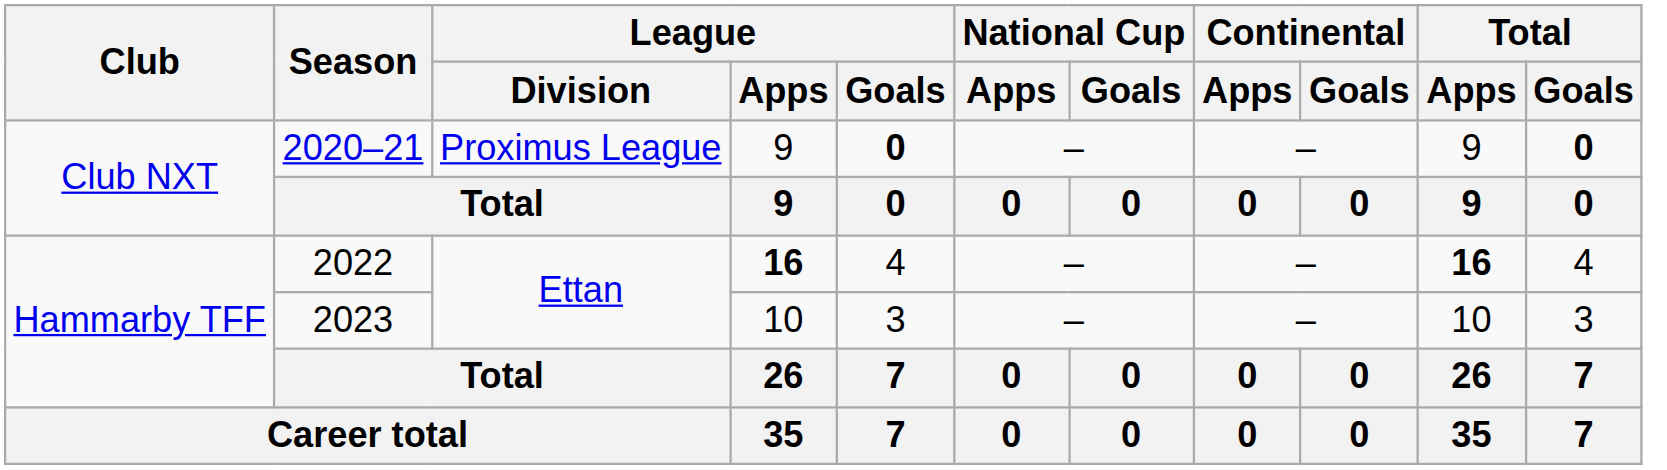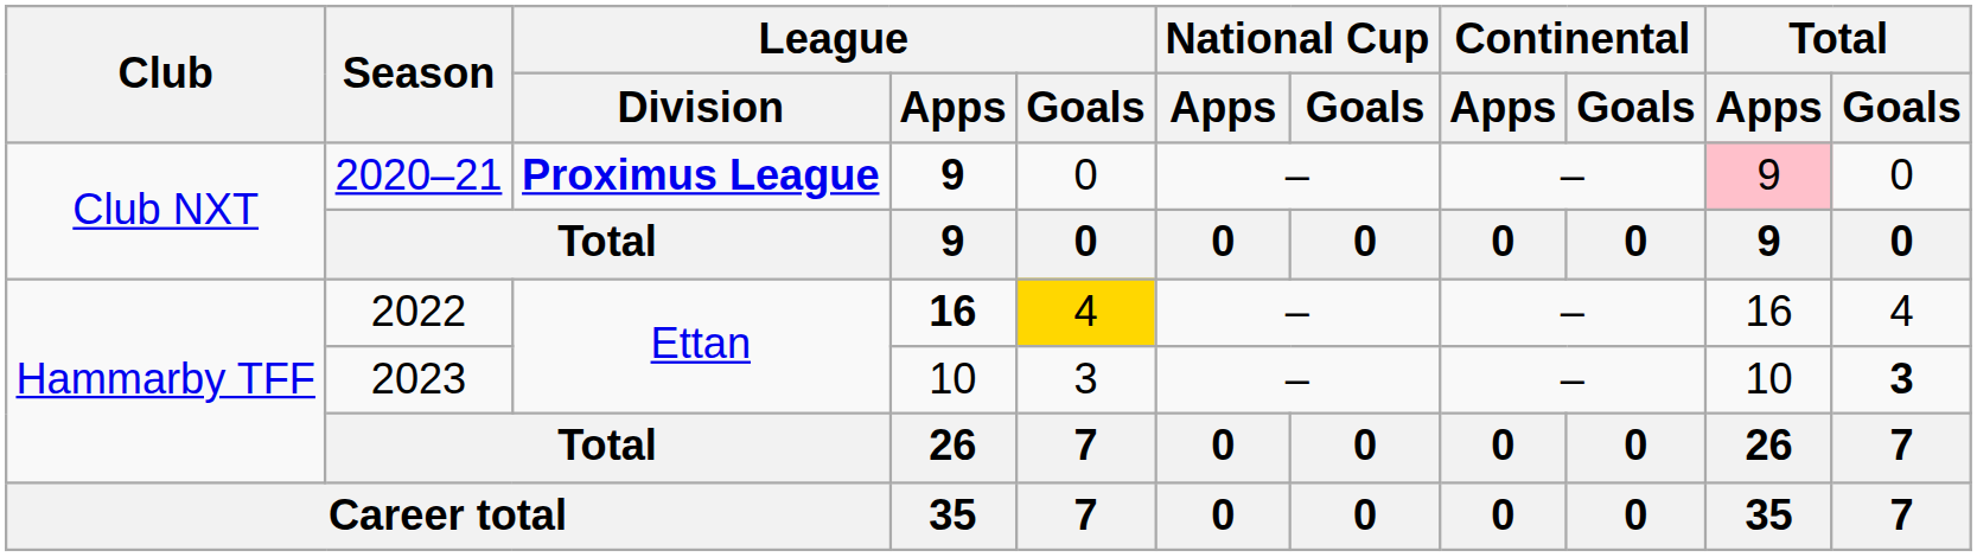 <table class="wikitable" style="text-align:center;">
 <tr>
 <th rowspan="2">Club</th>
 <th rowspan="2">Season</th>
 <th colspan="3">League</th>
 <th colspan="2">National Cup</th>
 <th colspan="2">Continental</th>
 <th colspan="2">Total</th>
 </tr>
 <tr>
 <th>Division</th>
 <th>Apps</th>
 <th>Goals</th>
 <th>Apps</th>
 <th>Goals</th>
 <th>Apps</th>
 <th>Goals</th>
 <th>Apps</th>
 <th>Goals</th>
 </tr>
 <tr>
 <td rowspan="2"><a href='#'>Club NXT</a></td>
 <td><a href='#'>2020–21</a></td>
-<td><a href='#'>Proximus League</a></td>
-<td>9</td>
-<td><strong>0</strong></td>
+<td><strong><a href='#'>Proximus League</a></strong></td>
+<td><strong>9</strong></td>
+<td>0</td>
 <td colspan="2">–</td>
 <td colspan="2">–</td>
-<td>9</td>
-<td><strong>0</strong></td>
+<td style="background: pink;">9</td>
+<td>0</td>
 </tr>
 <tr>
 <th colspan="2">Total</th>
 <th>9</th>
 <th>0</th>
 <th>0</th>
 <th>0</th>
 <th>0</th>
 <th>0</th>
 <th>9</th>
 <th>0</th>
 </tr>
 <tr>
 <td rowspan="3"><a href='#'>Hammarby TFF</a></td>
 <td>2022</td>
 <td rowspan="2"><a href='#'>Ettan</a></td>
 <td><strong>16</strong></td>
-<td>4</td>
+<td style="background: gold;">4</td>
 <td colspan="2">–</td>
 <td colspan="2">–</td>
-<td><strong>16</strong></td>
+<td>16</td>
 <td>4</td>
 </tr>
 <tr>
 <td>2023</td>
 <td>10</td>
 <td>3</td>
 <td colspan="2">–</td>
 <td colspan="2">–</td>
 <td>10</td>
-<td>3</td>
+<td><strong>3</strong></td>
 </tr>
 <tr>
 <th colspan="2">Total</th>
 <th>26</th>
 <th>7</th>
 <th>0</th>
 <th>0</th>
 <th>0</th>
 <th>0</th>
 <th>26</th>
 <th>7</th>
 </tr>
 <tr>
 <th colspan="3">Career total</th>
 <th>35</th>
 <th>7</th>
 <th>0</th>
 <th>0</th>
 <th>0</th>
 <th>0</th>
 <th>35</th>
 <th>7</th>
 </tr>
 </table>
